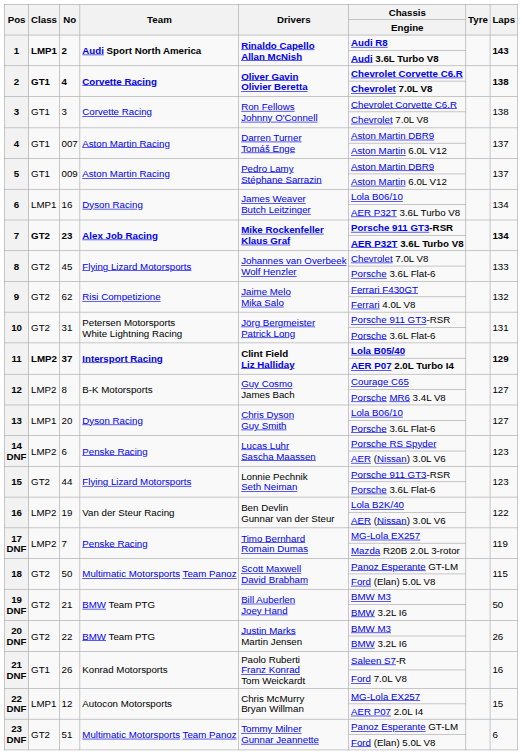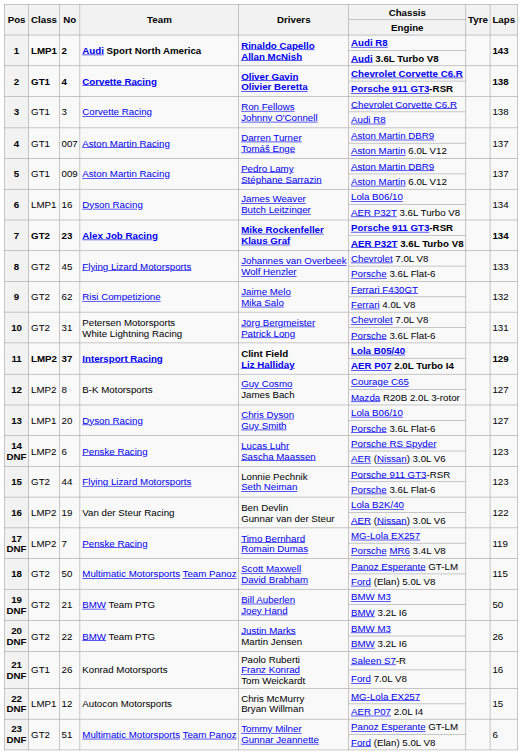 <table class="wikitable" style="font-size: 95%;">
 <tr>
 <th rowspan=2>Pos</th>
 <th rowspan=2>Class</th>
 <th rowspan=2>No</th>
 <th rowspan=2>Team</th>
 <th rowspan=2>Drivers</th>
 <th>Chassis</th>
 <th rowspan=2>Tyre</th>
 <th rowspan=2>Laps</th>
 </tr>
 <tr>
 <th>Engine</th>
 </tr>
 <tr style="font-weight:bold">
 <th rowspan=2>1</th>
 <td rowspan=2>LMP1</td>
 <td rowspan=2>2</td>
 <td rowspan=2> <a href='#'>Audi</a> Sport North America</td>
 <td rowspan=2> <a href='#'>Rinaldo Capello</a><br> <a href='#'>Allan McNish</a></td>
 <td><a href='#'>Audi R8</a></td>
 <td rowspan=2></td>
 <td rowspan=2>143</td>
 </tr>
 <tr style="font-weight:bold">
 <td><a href='#'>Audi</a> 3.6L Turbo V8</td>
 </tr>
 <tr style="font-weight:bold">
 <th rowspan=2>2</th>
 <td rowspan=2>GT1</td>
 <td rowspan=2>4</td>
 <td rowspan=2> <a href='#'>Corvette Racing</a></td>
 <td rowspan=2> <a href='#'>Oliver Gavin</a><br> <a href='#'>Olivier Beretta</a></td>
 <td><a href='#'>Chevrolet Corvette C6.R</a></td>
 <td rowspan=2></td>
 <td rowspan=2>138</td>
 </tr>
 <tr style="font-weight:bold">
-<td><a href='#'>Chevrolet</a> 7.0L V8</td>
+<td><a href='#'>Porsche 911 GT3</a>-RSR</td>
 </tr>
 <tr>
 <th rowspan=2>3</th>
 <td rowspan=2>GT1</td>
 <td rowspan=2>3</td>
 <td rowspan=2> <a href='#'>Corvette Racing</a></td>
 <td rowspan=2> <a href='#'>Ron Fellows</a><br> <a href='#'>Johnny O'Connell</a></td>
 <td><a href='#'>Chevrolet Corvette C6.R</a></td>
 <td rowspan=2></td>
 <td rowspan=2>138</td>
 </tr>
 <tr>
-<td><a href='#'>Chevrolet</a> 7.0L V8</td>
+<td><a href='#'>Audi R8</a></td>
 </tr>
 <tr>
 <th rowspan=2>4</th>
 <td rowspan=2>GT1</td>
 <td rowspan=2>007</td>
 <td rowspan=2> <a href='#'>Aston Martin Racing</a></td>
 <td rowspan=2> <a href='#'>Darren Turner</a><br> <a href='#'>Tomáš Enge</a></td>
 <td><a href='#'>Aston Martin DBR9</a></td>
 <td rowspan=2></td>
 <td rowspan=2>137</td>
 </tr>
 <tr>
 <td><a href='#'>Aston Martin</a> 6.0L V12</td>
 </tr>
 <tr>
 <th rowspan=2>5</th>
 <td rowspan=2>GT1</td>
 <td rowspan=2>009</td>
 <td rowspan=2> <a href='#'>Aston Martin Racing</a></td>
 <td rowspan=2> <a href='#'>Pedro Lamy</a><br> <a href='#'>Stéphane Sarrazin</a></td>
 <td><a href='#'>Aston Martin DBR9</a></td>
 <td rowspan=2></td>
 <td rowspan=2>137</td>
 </tr>
 <tr>
 <td><a href='#'>Aston Martin</a> 6.0L V12</td>
 </tr>
 <tr>
 <th rowspan=2>6</th>
 <td rowspan=2>LMP1</td>
 <td rowspan=2>16</td>
 <td rowspan=2> <a href='#'>Dyson Racing</a></td>
 <td rowspan=2> <a href='#'>James Weaver</a><br> <a href='#'>Butch Leitzinger</a></td>
 <td><a href='#'>Lola B06/10</a></td>
 <td rowspan=2></td>
 <td rowspan=2>134</td>
 </tr>
 <tr>
 <td><a href='#'>AER P32T</a> 3.6L Turbo V8</td>
 </tr>
 <tr style="font-weight:bold">
 <th rowspan=2>7</th>
 <td rowspan=2>GT2</td>
 <td rowspan=2>23</td>
 <td rowspan=2> <a href='#'>Alex Job Racing</a></td>
 <td rowspan=2> <a href='#'>Mike Rockenfeller</a><br> <a href='#'>Klaus Graf</a></td>
 <td><a href='#'>Porsche 911 GT3</a>-RSR</td>
 <td rowspan=2></td>
 <td rowspan=2>134</td>
 </tr>
 <tr style="font-weight:bold">
 <td><a href='#'>AER P32T</a> 3.6L Turbo V8</td>
 </tr>
 <tr>
 <th rowspan=2>8</th>
 <td rowspan=2>GT2</td>
 <td rowspan=2>45</td>
 <td rowspan=2> <a href='#'>Flying Lizard Motorsports</a></td>
 <td rowspan=2> <a href='#'>Johannes van Overbeek</a><br> <a href='#'>Wolf Henzler</a></td>
 <td><a href='#'>Chevrolet</a> 7.0L V8</td>
 <td rowspan=2></td>
 <td rowspan=2>133</td>
 </tr>
 <tr>
 <td><a href='#'>Porsche</a> 3.6L Flat-6</td>
 </tr>
 <tr>
 <th rowspan=2>9</th>
 <td rowspan=2>GT2</td>
 <td rowspan=2>62</td>
 <td rowspan=2> <a href='#'>Risi Competizione</a></td>
 <td rowspan=2> <a href='#'>Jaime Melo</a><br> <a href='#'>Mika Salo</a></td>
 <td><a href='#'>Ferrari F430GT</a></td>
 <td rowspan=2></td>
 <td rowspan=2>132</td>
 </tr>
 <tr>
 <td><a href='#'>Ferrari</a> 4.0L V8</td>
 </tr>
 <tr>
 <th rowspan=2>10</th>
 <td rowspan=2>GT2</td>
 <td rowspan=2>31</td>
 <td rowspan=2> Petersen Motorsports<br> White Lightning Racing</td>
 <td rowspan=2> <a href='#'>Jörg Bergmeister</a><br> <a href='#'>Patrick Long</a></td>
-<td><a href='#'>Porsche 911 GT3</a>-RSR</td>
+<td><a href='#'>Chevrolet</a> 7.0L V8</td>
 <td rowspan=2></td>
 <td rowspan=2>131</td>
 </tr>
 <tr>
 <td><a href='#'>Porsche</a> 3.6L Flat-6</td>
 </tr>
 <tr style="font-weight:bold">
 <th rowspan=2>11</th>
 <td rowspan=2>LMP2</td>
 <td rowspan=2>37</td>
 <td rowspan=2> <a href='#'>Intersport Racing</a></td>
 <td rowspan=2> Clint Field<br> <a href='#'>Liz Halliday</a></td>
 <td><a href='#'>Lola B05/40</a></td>
 <td rowspan=2></td>
 <td rowspan=2>129</td>
 </tr>
 <tr style="font-weight:bold">
 <td><a href='#'>AER P07</a> 2.0L Turbo I4</td>
 </tr>
 <tr>
 <th rowspan=2>12</th>
 <td rowspan=2>LMP2</td>
 <td rowspan=2>8</td>
 <td rowspan=2> B-K Motorsports</td>
 <td rowspan=2> <a href='#'>Guy Cosmo</a><br> James Bach</td>
 <td><a href='#'>Courage C65</a></td>
 <td rowspan=2></td>
 <td rowspan=2>127</td>
 </tr>
 <tr>
-<td><a href='#'>Porsche</a> <a href='#'>MR6</a> 3.4L V8</td>
+<td><a href='#'>Mazda</a> R20B 2.0L 3-rotor</td>
 </tr>
 <tr>
 <th rowspan=2>13</th>
 <td rowspan=2>LMP1</td>
 <td rowspan=2>20</td>
 <td rowspan=2> <a href='#'>Dyson Racing</a></td>
 <td rowspan=2> <a href='#'>Chris Dyson</a><br> <a href='#'>Guy Smith</a></td>
 <td><a href='#'>Lola B06/10</a></td>
 <td rowspan=2></td>
 <td rowspan=2>127</td>
 </tr>
 <tr>
 <td><a href='#'>Porsche</a> 3.6L Flat-6</td>
 </tr>
 <tr>
 <th rowspan=2>14<br>DNF</th>
 <td rowspan=2>LMP2</td>
 <td rowspan=2>6</td>
 <td rowspan=2> <a href='#'>Penske Racing</a></td>
 <td rowspan=2> <a href='#'>Lucas Luhr</a><br> <a href='#'>Sascha Maassen</a></td>
 <td><a href='#'>Porsche RS Spyder</a></td>
 <td rowspan=2></td>
 <td rowspan=2>123</td>
 </tr>
 <tr>
 <td><a href='#'>AER</a> (<a href='#'>Nissan</a>) 3.0L V6</td>
 </tr>
 <tr>
 <th rowspan=2>15</th>
 <td rowspan=2>GT2</td>
 <td rowspan=2>44</td>
 <td rowspan=2> <a href='#'>Flying Lizard Motorsports</a></td>
 <td rowspan=2> Lonnie Pechnik<br> <a href='#'>Seth Neiman</a></td>
 <td><a href='#'>Porsche 911 GT3</a>-RSR</td>
 <td rowspan=2></td>
 <td rowspan=2>123</td>
 </tr>
 <tr>
 <td><a href='#'>Porsche</a> 3.6L Flat-6</td>
 </tr>
 <tr>
 <th rowspan=2>16</th>
 <td rowspan=2>LMP2</td>
 <td rowspan=2>19</td>
 <td rowspan=2> Van der Steur Racing</td>
 <td rowspan=2> Ben Devlin<br> Gunnar van der Steur</td>
 <td><a href='#'>Lola B2K/40</a></td>
 <td rowspan=2></td>
 <td rowspan=2>122</td>
 </tr>
 <tr>
 <td><a href='#'>AER</a> (<a href='#'>Nissan</a>) 3.0L V6</td>
 </tr>
 <tr>
 <th rowspan=2>17<br>DNF</th>
 <td rowspan=2>LMP2</td>
 <td rowspan=2>7</td>
 <td rowspan=2> <a href='#'>Penske Racing</a></td>
 <td rowspan=2> <a href='#'>Timo Bernhard</a><br> <a href='#'>Romain Dumas</a></td>
 <td><a href='#'>MG-Lola EX257</a></td>
 <td rowspan=2></td>
 <td rowspan=2>119</td>
 </tr>
 <tr>
-<td><a href='#'>Mazda</a> R20B 2.0L 3-rotor</td>
+<td><a href='#'>Porsche</a> <a href='#'>MR6</a> 3.4L V8</td>
 </tr>
 <tr>
 <th rowspan=2>18</th>
 <td rowspan=2>GT2</td>
 <td rowspan=2>50</td>
 <td rowspan=2> <a href='#'>Multimatic Motorsports</a> <a href='#'>Team Panoz</a></td>
 <td rowspan=2> <a href='#'>Scott Maxwell</a><br> <a href='#'>David Brabham</a></td>
 <td><a href='#'>Panoz Esperante</a> GT-LM</td>
 <td rowspan=2></td>
 <td rowspan=2>115</td>
 </tr>
 <tr>
 <td><a href='#'>Ford</a> (Elan) 5.0L V8</td>
 </tr>
 <tr>
 <th rowspan=2>19<br>DNF</th>
 <td rowspan=2>GT2</td>
 <td rowspan=2>21</td>
 <td rowspan=2> <a href='#'>BMW</a> Team PTG</td>
 <td rowspan=2> <a href='#'>Bill Auberlen</a><br> <a href='#'>Joey Hand</a></td>
 <td><a href='#'>BMW M3</a></td>
 <td rowspan=2></td>
 <td rowspan=2>50</td>
 </tr>
 <tr>
 <td><a href='#'>BMW</a> 3.2L I6</td>
 </tr>
 <tr>
 <th rowspan=2>20<br>DNF</th>
 <td rowspan=2>GT2</td>
 <td rowspan=2>22</td>
 <td rowspan=2> <a href='#'>BMW</a> Team PTG</td>
 <td rowspan=2> <a href='#'>Justin Marks</a><br> Martin Jensen</td>
 <td><a href='#'>BMW M3</a></td>
 <td rowspan=2></td>
 <td rowspan=2>26</td>
 </tr>
 <tr>
 <td><a href='#'>BMW</a> 3.2L I6</td>
 </tr>
 <tr>
 <th rowspan=2>21<br>DNF</th>
 <td rowspan=2>GT1</td>
 <td rowspan=2>26</td>
 <td rowspan=2> Konrad Motorsports</td>
 <td rowspan=2> Paolo Ruberti<br> <a href='#'>Franz Konrad</a><br> Tom Weickardt</td>
 <td><a href='#'>Saleen S7</a>-R</td>
 <td rowspan=2></td>
 <td rowspan=2>16</td>
 </tr>
 <tr>
 <td><a href='#'>Ford</a> 7.0L V8</td>
 </tr>
 <tr>
 <th rowspan=2>22<br>DNF</th>
 <td rowspan=2>LMP1</td>
 <td rowspan=2>12</td>
 <td rowspan=2> Autocon Motorsports</td>
 <td rowspan=2> Chris McMurry<br> Bryan Willman</td>
 <td><a href='#'>MG-Lola EX257</a></td>
 <td rowspan=2></td>
 <td rowspan=2>15</td>
 </tr>
 <tr>
 <td><a href='#'>AER P07</a> 2.0L I4</td>
 </tr>
 <tr>
 <th rowspan=2>23<br>DNF</th>
 <td rowspan=2>GT2</td>
 <td rowspan=2>51</td>
 <td rowspan=2> <a href='#'>Multimatic Motorsports</a> <a href='#'>Team Panoz</a></td>
 <td rowspan=2> <a href='#'>Tommy Milner</a><br> <a href='#'>Gunnar Jeannette</a></td>
 <td><a href='#'>Panoz Esperante</a> GT-LM</td>
 <td rowspan=2></td>
 <td rowspan=2>6</td>
 </tr>
 <tr>
 <td><a href='#'>Ford</a> (Elan) 5.0L V8</td>
 </tr>
 </table>
